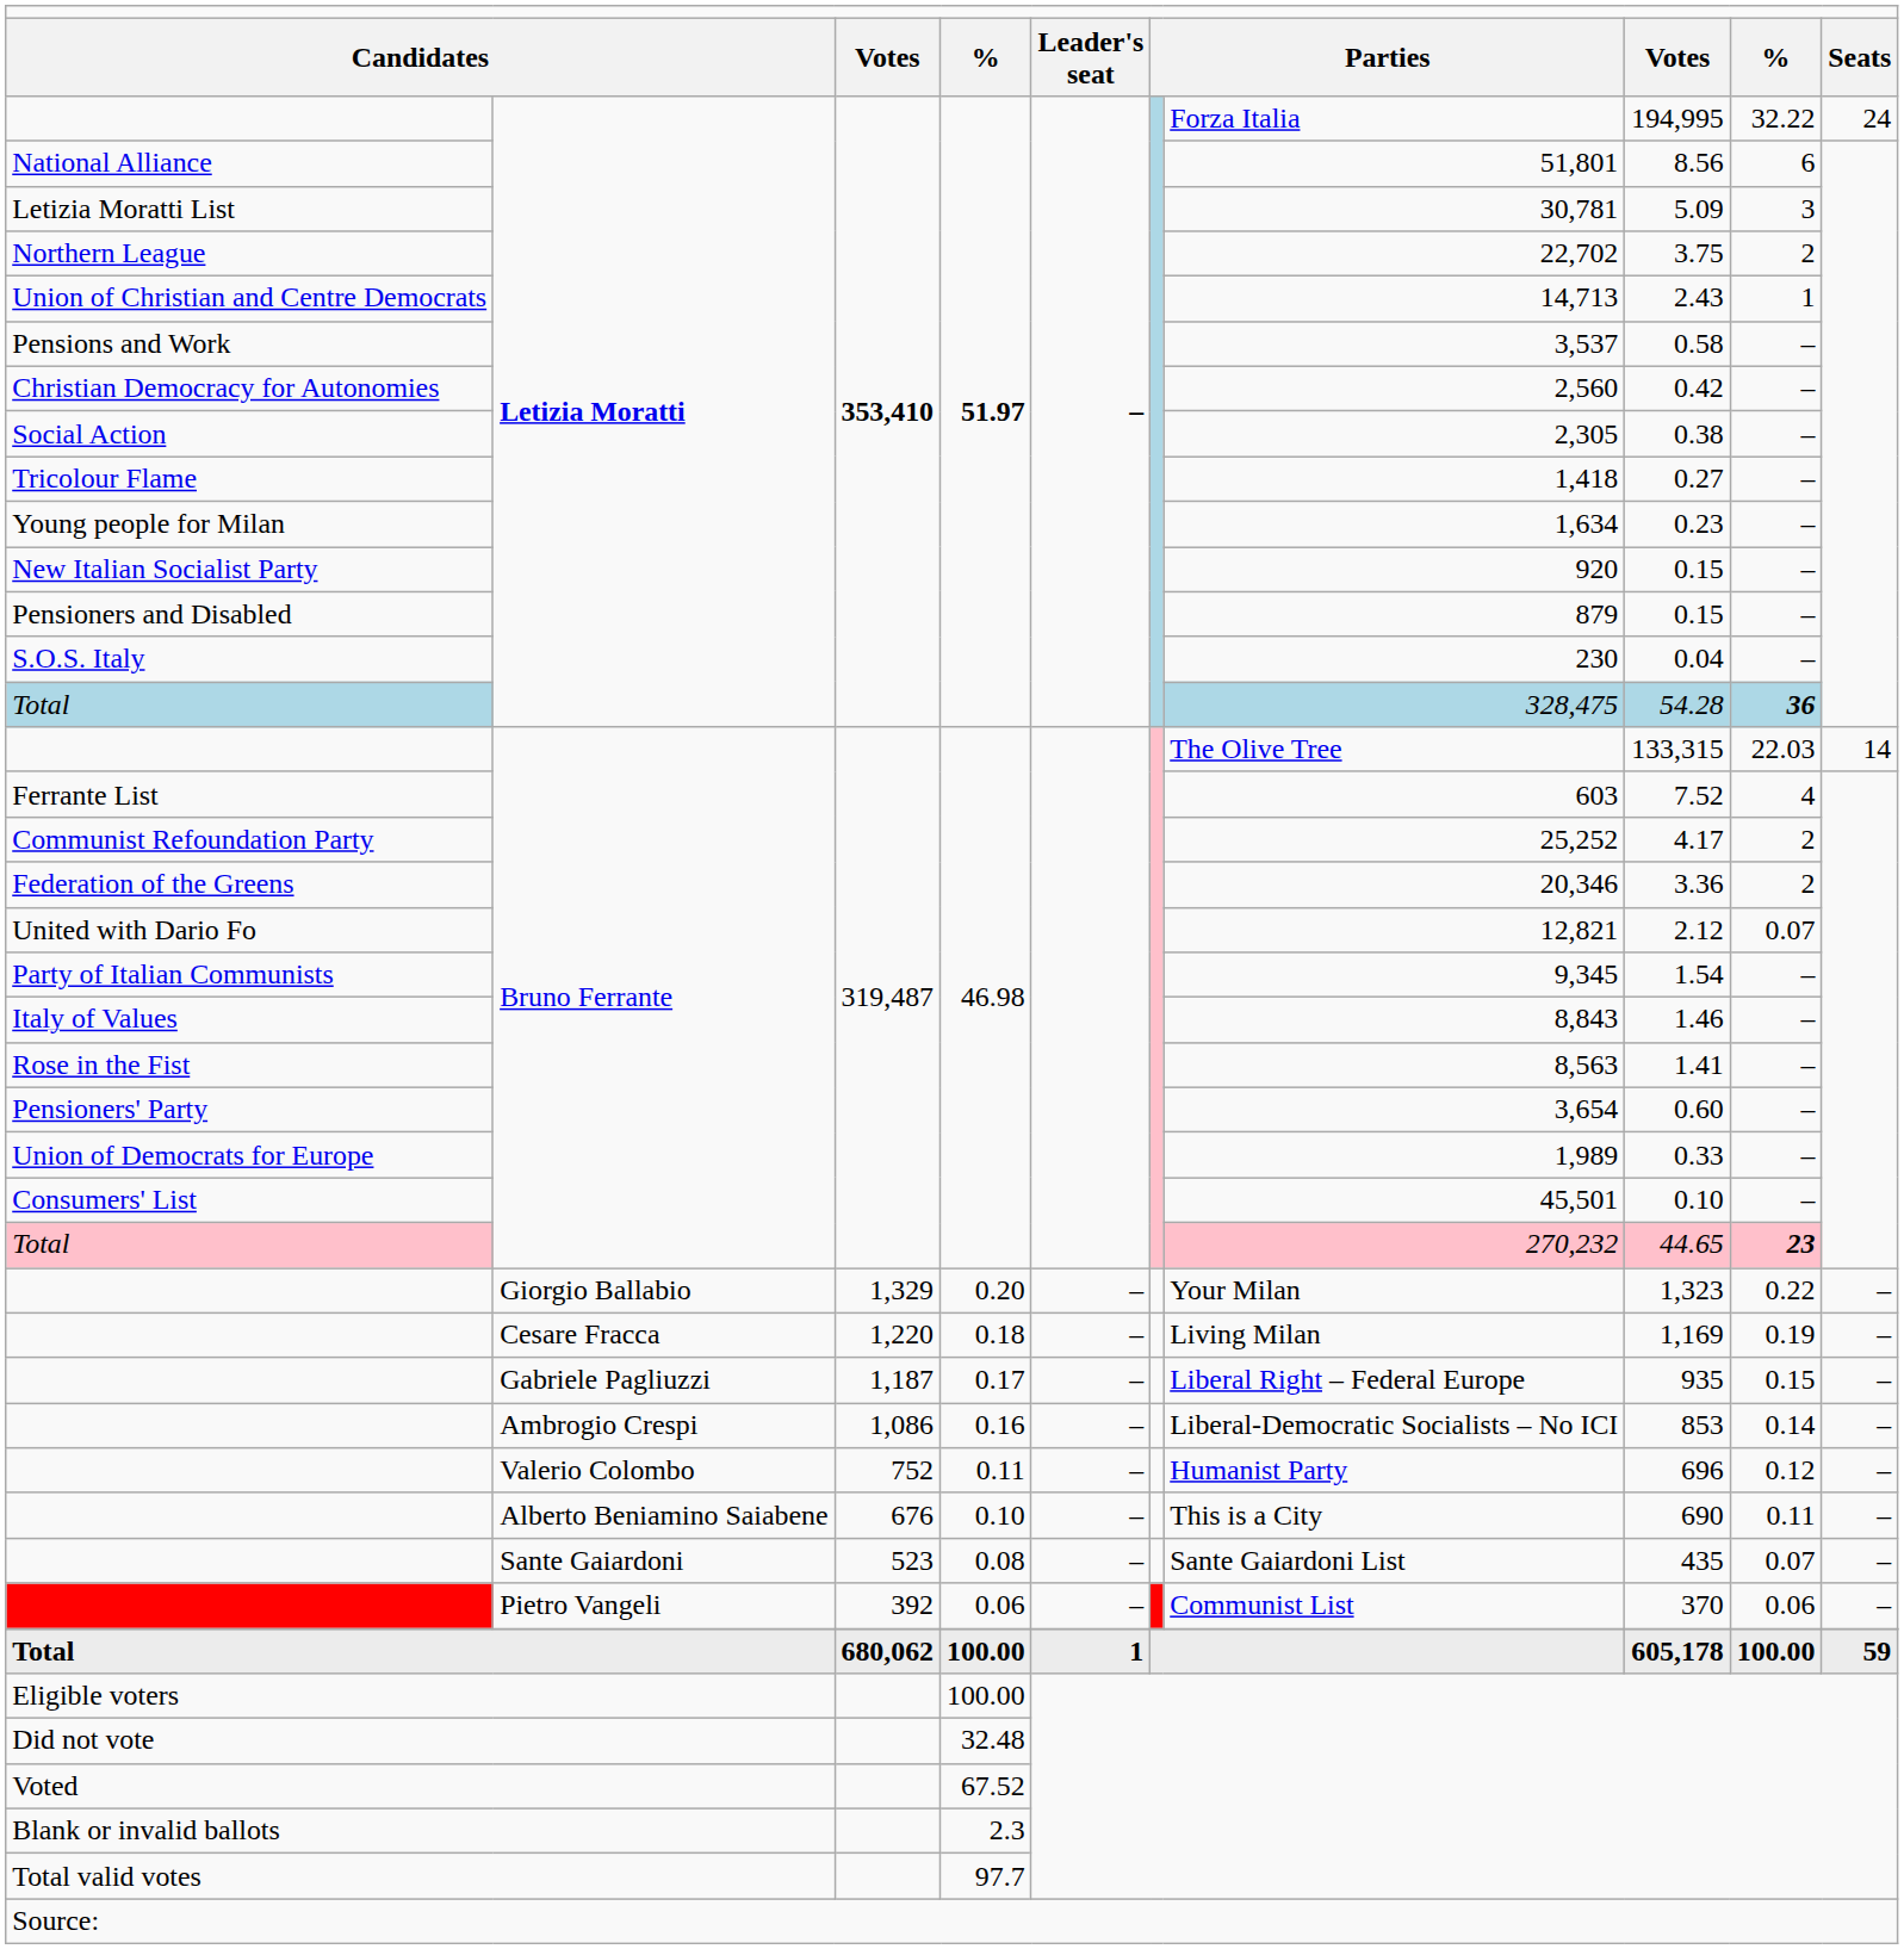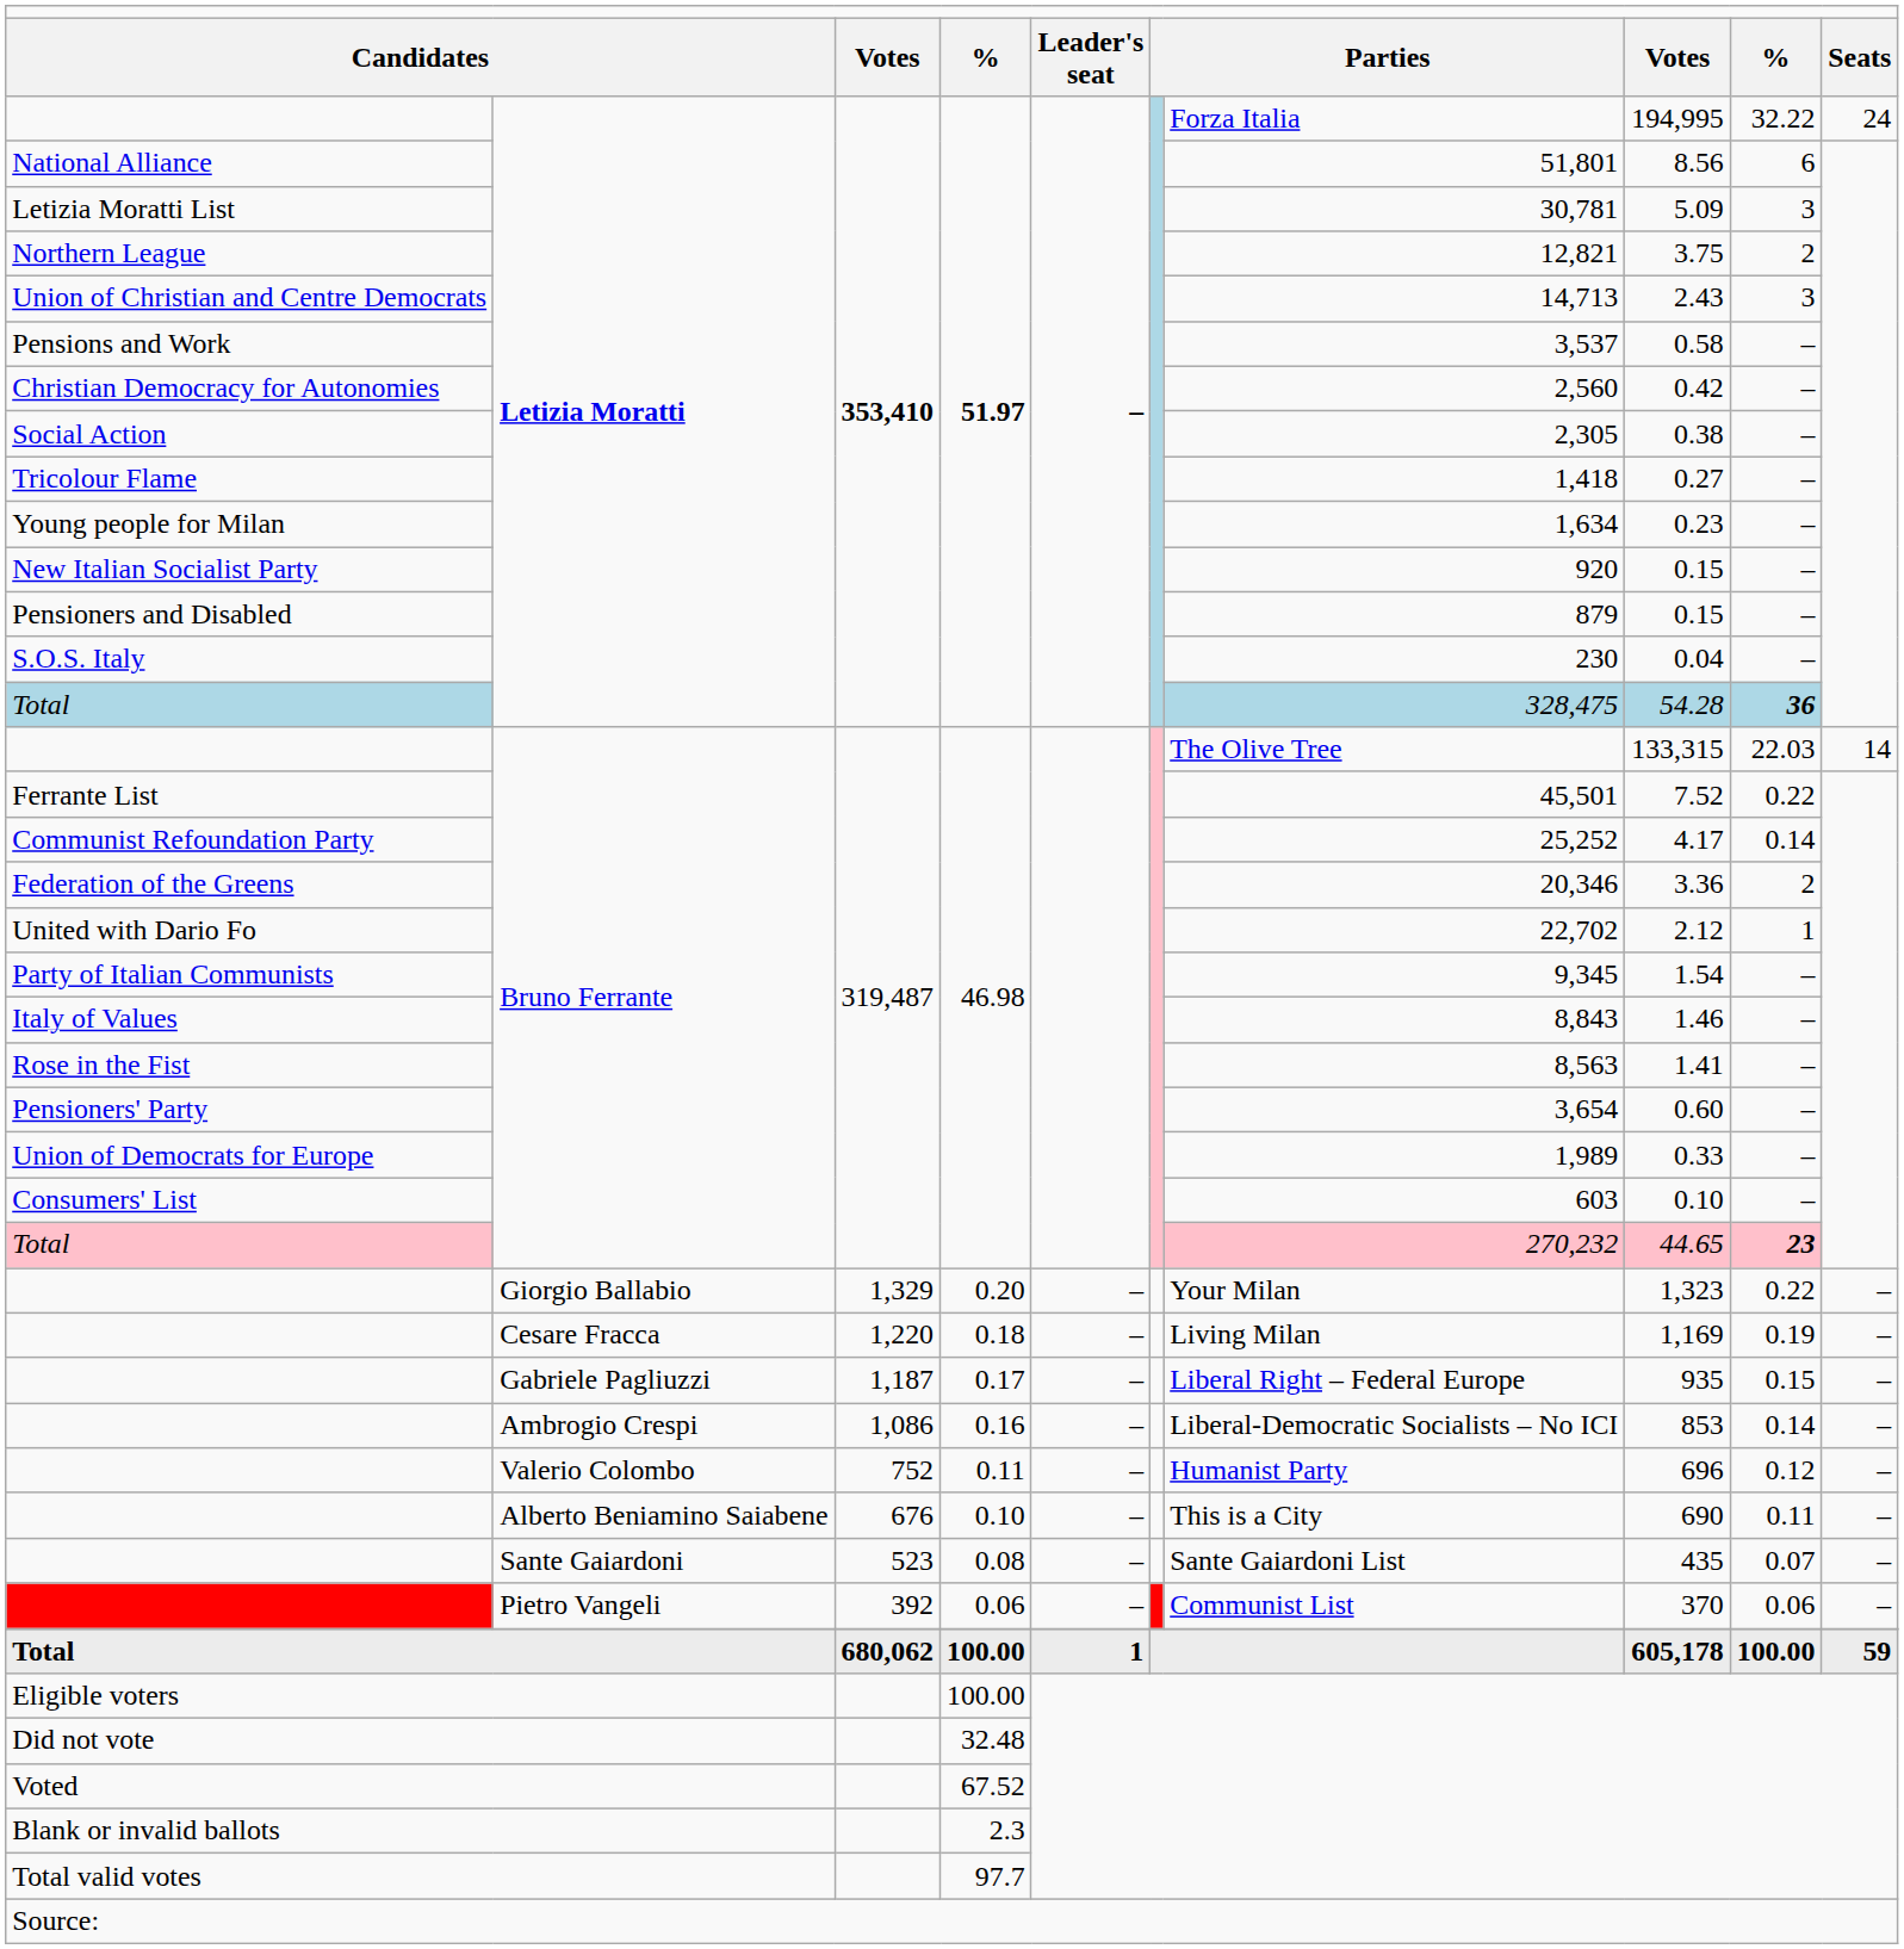 <table class="wikitable" style="text-align:left">
 <tr>
 <td colspan="11"></td>
 </tr>
 <tr>
 <th colspan=2>Candidates</th>
 <th>Votes</th>
 <th>%</th>
 <th>Leader's<br>seat</th>
 <th colspan=2>Parties</th>
 <th>Votes</th>
 <th>%</th>
 <th>Seats</th>
 </tr>
 <tr>
 <td></td>
 <td rowspan=14><strong><a href='#'>Letizia Moratti</a></strong></td>
 <td rowspan=14 align=right><strong>353,410</strong></td>
 <td rowspan=14 align=right><strong>51.97</strong></td>
 <td rowspan=14 align=right><strong>–</strong></td>
 <td rowspan=14 bgcolor="lightblue"></td>
 <td><a href='#'>Forza Italia</a></td>
 <td align=right>194,995</td>
 <td align=right>32.22</td>
 <td align=right>24</td>
 </tr>
 <tr>
 <td><a href='#'>National Alliance</a></td>
 <td align=right>51,801</td>
 <td align=right>8.56</td>
 <td align=right>6</td>
 </tr>
 <tr>
 <td>Letizia Moratti List</td>
 <td align=right>30,781</td>
 <td align=right>5.09</td>
 <td align=right>3</td>
 </tr>
 <tr>
 <td><a href='#'>Northern League</a></td>
-<td align=right>22,702</td>
+<td align=right>12,821</td>
 <td align=right>3.75</td>
 <td align=right>2</td>
 </tr>
 <tr>
 <td><a href='#'>Union of Christian and Centre Democrats</a></td>
 <td align=right>14,713</td>
 <td align=right>2.43</td>
-<td align=right>1</td>
+<td align=right>3</td>
 </tr>
 <tr>
 <td>Pensions and Work</td>
 <td align=right>3,537</td>
 <td align=right>0.58</td>
 <td align=right>–</td>
 </tr>
 <tr>
 <td><a href='#'>Christian Democracy for Autonomies</a></td>
 <td align=right>2,560</td>
 <td align=right>0.42</td>
 <td align=right>–</td>
 </tr>
 <tr>
 <td><a href='#'>Social Action</a></td>
 <td align=right>2,305</td>
 <td align=right>0.38</td>
 <td align=right>–</td>
 </tr>
 <tr>
 <td><a href='#'>Tricolour Flame</a></td>
 <td align=right>1,418</td>
 <td align=right>0.27</td>
 <td align=right>–</td>
 </tr>
 <tr>
 <td>Young people for Milan</td>
 <td align=right>1,634</td>
 <td align=right>0.23</td>
 <td align=right>–</td>
 </tr>
 <tr>
 <td><a href='#'>New Italian Socialist Party</a></td>
 <td align=right>920</td>
 <td align=right>0.15</td>
 <td align=right>–</td>
 </tr>
 <tr>
 <td>Pensioners and Disabled</td>
 <td align=right>879</td>
 <td align=right>0.15</td>
 <td align=right>–</td>
 </tr>
 <tr>
 <td><a href='#'>S.O.S. Italy</a></td>
 <td align=right>230</td>
 <td align=right>0.04</td>
 <td align=right>–</td>
 </tr>
 <tr>
 <td bgcolor="lightblue"><em>Total</em></td>
 <td bgcolor="lightblue" align=right><em>328,475</em></td>
 <td bgcolor="lightblue" align=right><em>54.28</em></td>
 <td bgcolor="lightblue" align=right><strong><em>36</em></strong></td>
 </tr>
 <tr>
 <td></td>
 <td rowspan=12><a href='#'>Bruno Ferrante</a></td>
 <td rowspan=12 align=right>319,487</td>
 <td rowspan=12 align=right>46.98</td>
 <td rowspan=12 align=right></td>
 <td rowspan=12 bgcolor="pink"></td>
 <td><a href='#'>The Olive Tree</a></td>
 <td align=right>133,315</td>
 <td align=right>22.03</td>
 <td align=right>14</td>
 </tr>
 <tr>
 <td>Ferrante List</td>
-<td align=right>603</td>
+<td align=right>45,501</td>
 <td align=right>7.52</td>
-<td align=right>4</td>
+<td align=right>0.22</td>
 </tr>
 <tr>
 <td><a href='#'>Communist Refoundation Party</a></td>
 <td align=right>25,252</td>
 <td align=right>4.17</td>
-<td align=right>2</td>
+<td align=right>0.14</td>
 </tr>
 <tr>
 <td><a href='#'>Federation of the Greens</a></td>
 <td align=right>20,346</td>
 <td align=right>3.36</td>
 <td align=right>2</td>
 </tr>
 <tr>
 <td>United with Dario Fo</td>
-<td align=right>12,821</td>
+<td align=right>22,702</td>
 <td align=right>2.12</td>
-<td align=right>0.07</td>
+<td align=right>1</td>
 </tr>
 <tr>
 <td><a href='#'>Party of Italian Communists</a></td>
 <td align=right>9,345</td>
 <td align=right>1.54</td>
 <td align=right>–</td>
 </tr>
 <tr>
 <td><a href='#'>Italy of Values</a></td>
 <td align=right>8,843</td>
 <td align=right>1.46</td>
 <td align=right>–</td>
 </tr>
 <tr>
 <td><a href='#'>Rose in the Fist</a></td>
 <td align=right>8,563</td>
 <td align=right>1.41</td>
 <td align=right>–</td>
 </tr>
 <tr>
 <td><a href='#'>Pensioners' Party</a></td>
 <td align=right>3,654</td>
 <td align=right>0.60</td>
 <td align=right>–</td>
 </tr>
 <tr>
 <td><a href='#'>Union of Democrats for Europe</a></td>
 <td align=right>1,989</td>
 <td align=right>0.33</td>
 <td align=right>–</td>
 </tr>
 <tr>
 <td><a href='#'>Consumers' List</a></td>
-<td align=right>45,501</td>
+<td align=right>603</td>
 <td align=right>0.10</td>
 <td align=right>–</td>
 </tr>
 <tr>
 <td bgcolor="pink"><em>Total</em></td>
 <td bgcolor="pink" align=right><em>270,232</em></td>
 <td bgcolor="pink" align=right><em>44.65</em></td>
 <td bgcolor="pink" align=right><strong><em>23</em></strong></td>
 </tr>
 <tr>
 <td></td>
 <td>Giorgio Ballabio</td>
 <td align=right>1,329</td>
 <td align=right>0.20</td>
 <td align=right>–</td>
 <td></td>
 <td>Your Milan</td>
 <td align=right>1,323</td>
 <td align=right>0.22</td>
 <td align=right>–</td>
 </tr>
 <tr>
 <td></td>
 <td>Cesare Fracca</td>
 <td align=right>1,220</td>
 <td align=right>0.18</td>
 <td align=right>–</td>
 <td></td>
 <td>Living Milan</td>
 <td align=right>1,169</td>
 <td align=right>0.19</td>
 <td align=right>–</td>
 </tr>
 <tr>
 <td></td>
 <td>Gabriele Pagliuzzi</td>
 <td align=right>1,187</td>
 <td align=right>0.17</td>
 <td align=right>–</td>
 <td></td>
 <td><a href='#'>Liberal Right</a> – Federal Europe</td>
 <td align=right>935</td>
 <td align=right>0.15</td>
 <td align=right>–</td>
 </tr>
 <tr>
 <td></td>
 <td>Ambrogio Crespi</td>
 <td align=right>1,086</td>
 <td align=right>0.16</td>
 <td align=right>–</td>
 <td></td>
 <td>Liberal-Democratic Socialists – No ICI</td>
 <td align=right>853</td>
 <td align=right>0.14</td>
 <td align=right>–</td>
 </tr>
 <tr>
 <td></td>
 <td>Valerio Colombo</td>
 <td align=right>752</td>
 <td align=right>0.11</td>
 <td align=right>–</td>
 <td></td>
 <td><a href='#'>Humanist Party</a></td>
 <td align=right>696</td>
 <td align=right>0.12</td>
 <td align=right>–</td>
 </tr>
 <tr>
 <td></td>
 <td>Alberto Beniamino Saiabene</td>
 <td align=right>676</td>
 <td align=right>0.10</td>
 <td align=right>–</td>
 <td></td>
 <td>This is a City</td>
 <td align=right>690</td>
 <td align=right>0.11</td>
 <td align=right>–</td>
 </tr>
 <tr>
 <td></td>
 <td>Sante Gaiardoni</td>
 <td align=right>523</td>
 <td align=right>0.08</td>
 <td align=right>–</td>
 <td></td>
 <td>Sante Gaiardoni List</td>
 <td align=right>435</td>
 <td align=right>0.07</td>
 <td align=right>–</td>
 </tr>
 <tr>
 <td bgcolor="red"></td>
 <td>Pietro Vangeli</td>
 <td align=right>392</td>
 <td align=right>0.06</td>
 <td align=right>–</td>
 <td bgcolor="red"></td>
 <td><a href='#'>Communist List</a></td>
 <td align=right>370</td>
 <td align=right>0.06</td>
 <td align=right>–</td>
 </tr>
 <tr>
 </tr>
 <tr bgcolor=ececec>
 <td colspan="2"><strong>Total</strong></td>
 <td align=right><strong>680,062</strong></td>
 <td align=right><strong>100.00</strong></td>
 <td align=right><strong>1</strong></td>
 <td align=right colspan=2></td>
 <td align=right><strong>605,178</strong></td>
 <td align=right><strong>100.00</strong></td>
 <td align=right><strong>59</strong></td>
 </tr>
 <tr>
 <td colspan=2>Eligible voters</td>
 <td style="text-align: right"></td>
 <td style="text-align: right">100.00</td>
 <td rowspan=5 colspan=6></td>
 </tr>
 <tr>
 <td colspan=2>Did not vote</td>
 <td style="text-align: right"></td>
 <td style="text-align: right">32.48</td>
 </tr>
 <tr>
 <td colspan=2>Voted</td>
 <td style="text-align: right"></td>
 <td style="text-align: right">67.52</td>
 </tr>
 <tr>
 <td colspan=2>Blank or invalid ballots</td>
 <td style="text-align: right"></td>
 <td style="text-align: right">2.3</td>
 </tr>
 <tr>
 <td colspan=2>Total valid votes</td>
 <td style="text-align: right"></td>
 <td style="text-align: right">97.7</td>
 </tr>
 <tr>
 <td style="text-align:left;" colspan="10">Source: </td>
 </tr>
 </table>
